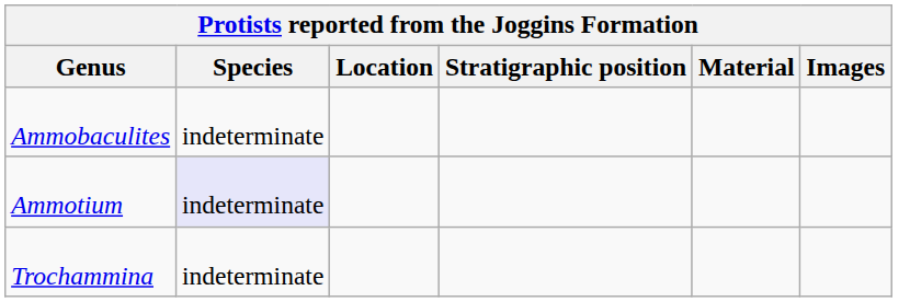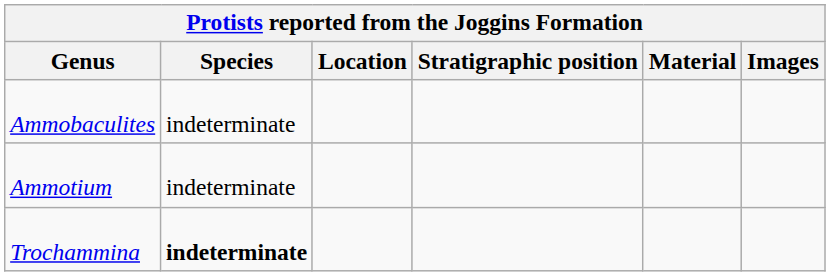 <table class="wikitable sortable mw-collapsible">
 <tr>
 <th colspan="7" style="text-align:center;"><strong><a href='#'>Protists</a> reported from the Joggins Formation</strong></th>
 </tr>
 <tr>
 <th>Genus</th>
 <th>Species</th>
 <th>Location</th>
 <th>Stratigraphic position</th>
 <th>Material</th>
 <th>Images</th>
 </tr>
 <tr>
 <td rowspan="1"><br><em><a href='#'>Ammobaculites</a></em></td>
 <td><br>indeterminate</td>
 <td></td>
 <td></td>
 <td></td>
 <td></td>
 </tr>
 <tr>
 <td rowspan="1"><br><em><a href='#'>Ammotium</a></em></td>
-<td style="background: lavender;"><br>indeterminate</td>
+<td><br>indeterminate</td>
 <td></td>
 <td></td>
 <td></td>
 <td></td>
 </tr>
 <tr>
 <td rowspan="1"><br><em><a href='#'>Trochammina</a></em></td>
-<td><br>indeterminate</td>
+<td><strong><br>indeterminate</strong></td>
 <td></td>
 <td></td>
 <td></td>
 <td></td>
 </tr>
 </table>
